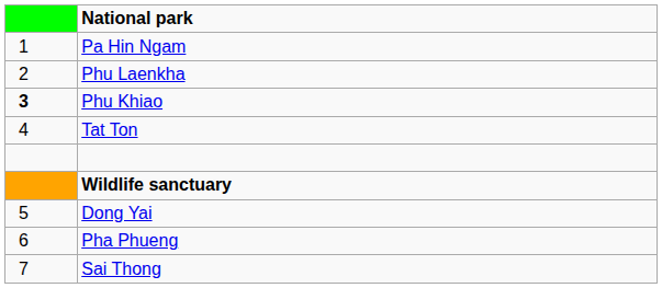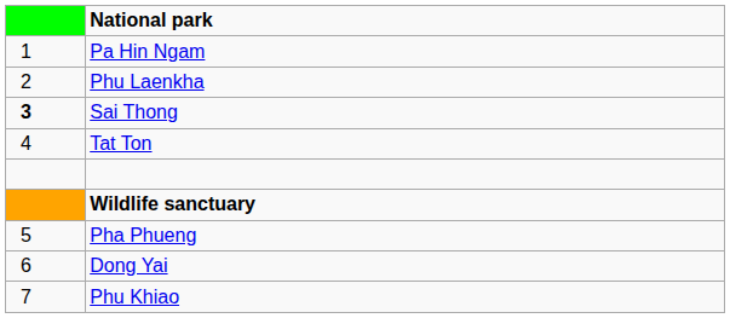 <table class= "wikitable" style= "width:30%; display:inline-table;">
 <tr>
 <td style="width:3%; background:#00FF00;"> </td>
 <td style="width:27%;"><strong>National park</strong></td>
 </tr>
 <tr>
 <td>  1</td>
 <td><a href='#'>Pa Hin Ngam</a></td>
 </tr>
 <tr>
 <td>  2</td>
 <td><a href='#'>Phu Laenkha</a></td>
 </tr>
 <tr>
 <td><strong>  3</strong></td>
-<td><a href='#'>Phu Khiao</a></td>
+<td><a href='#'>Sai Thong</a></td>
 </tr>
 <tr>
 <td>  4</td>
 <td><a href='#'>Tat Ton</a></td>
 </tr>
 <tr>
 <td> </td>
 <td> </td>
 </tr>
 <tr>
 <td style="width:3%; background:#FFA400;"> </td>
 <td style="width:27%;"><strong>Wildlife sanctuary</strong></td>
 </tr>
 <tr>
 <td>  5</td>
+<td><a href='#'>Pha Phueng</a></td>
+</tr>
+<tr>
+<td>  6</td>
 <td><a href='#'>Dong Yai</a></td>
 </tr>
 <tr>
-<td>  6</td>
-<td><a href='#'>Pha Phueng</a></td>
-</tr>
-<tr>
 <td>  7</td>
-<td><a href='#'>Sai Thong</a></td>
+<td><a href='#'>Phu Khiao</a></td>
 </tr>
 <tr>
 </tr>
 </table>
